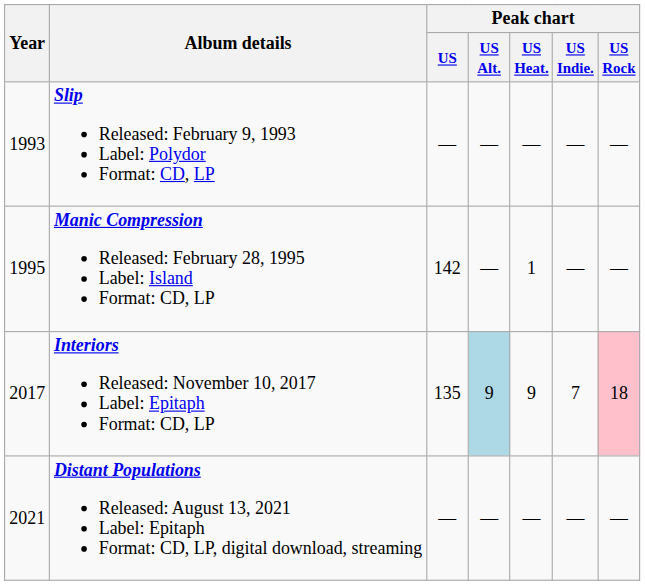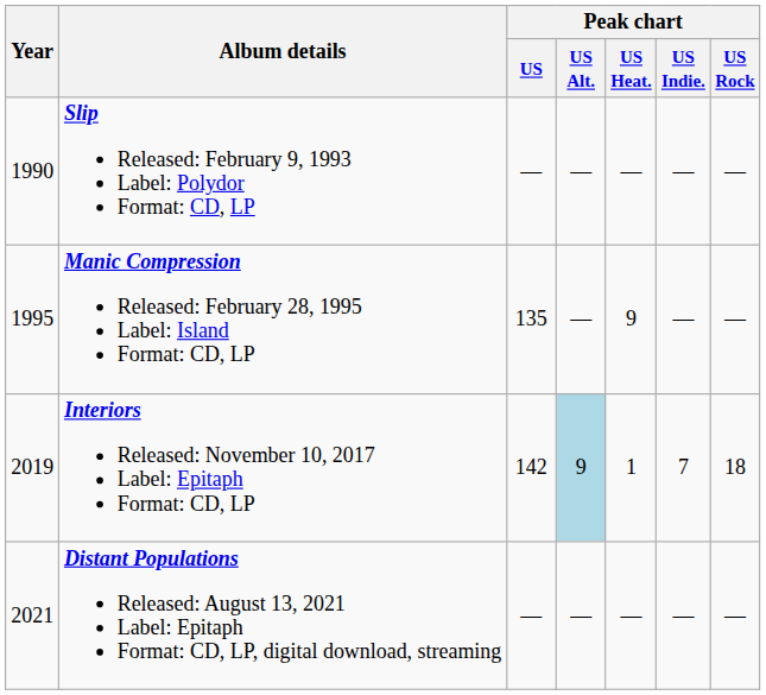 <table class="wikitable">
 <tr>
 <th width="33" rowspan="2">Year</th>
 <th rowspan="2">Album details</th>
 <th colspan="5">Peak chart</th>
 </tr>
 <tr>
 <th width="30"><small><a href='#'>US</a></small><br></th>
 <th width="30"><small><a href='#'>US Alt.</a></small><br></th>
 <th width="30"><small><a href='#'>US Heat.</a></small><br></th>
 <th width="30"><small><a href='#'>US Indie.</a></small><br></th>
 <th width="30"><small><a href='#'>US Rock</a></small><br></th>
 </tr>
 <tr>
-<td align="center">1993</td>
+<td align="center">1990</td>
 <td><strong><em><a href='#'>Slip</a></em></strong><br><ul><li>Released: February 9, 1993</li><li>Label: <a href='#'>Polydor</a></li><li>Format: <a href='#'>CD</a>, <a href='#'>LP</a></li></ul></td>
 <td align="center">—</td>
 <td align="center">—</td>
 <td align="center">—</td>
 <td align="center">—</td>
 <td align="center">—</td>
 </tr>
 <tr>
 <td align="center">1995</td>
 <td><strong><em><a href='#'>Manic Compression</a></em></strong><br><ul><li>Released: February 28, 1995</li><li>Label: <a href='#'>Island</a></li><li>Format: CD, LP</li></ul></td>
-<td align="center">142</td>
+<td align="center">135</td>
 <td align="center">—</td>
-<td align="center">1</td>
+<td align="center">9</td>
 <td align="center">—</td>
 <td align="center">—</td>
 </tr>
 <tr>
-<td align="center">2017</td>
+<td align="center">2019</td>
 <td><strong><em><a href='#'>Interiors</a></em></strong><br><ul><li>Released: November 10, 2017</li><li>Label: <a href='#'>Epitaph</a></li><li>Format: CD, LP</li></ul></td>
-<td align="center">135</td>
+<td align="center">142</td>
 <td align="center" style="background: lightblue;">9</td>
-<td align="center">9</td>
+<td align="center">1</td>
 <td align="center">7</td>
-<td align="center" style="background: pink;">18</td>
+<td align="center">18</td>
 </tr>
 <tr>
 <td align="center">2021</td>
 <td><strong><em><a href='#'>Distant Populations</a></em></strong><br><ul><li>Released: August 13, 2021</li><li>Label: Epitaph</li><li>Format: CD, LP, digital download, streaming</li></ul></td>
 <td align="center">—</td>
 <td align="center">—</td>
 <td align="center">—</td>
 <td align="center">—</td>
 <td align="center">—</td>
 </tr>
 </table>
